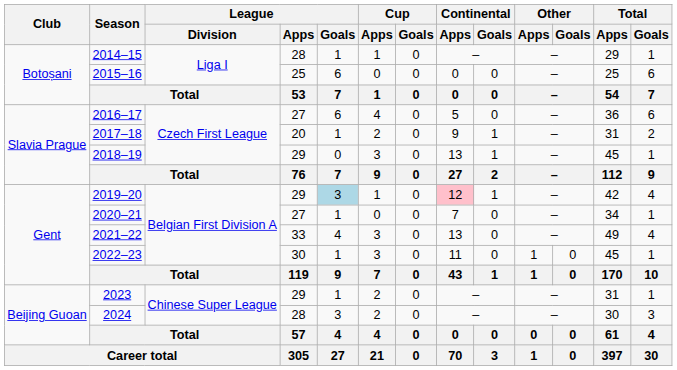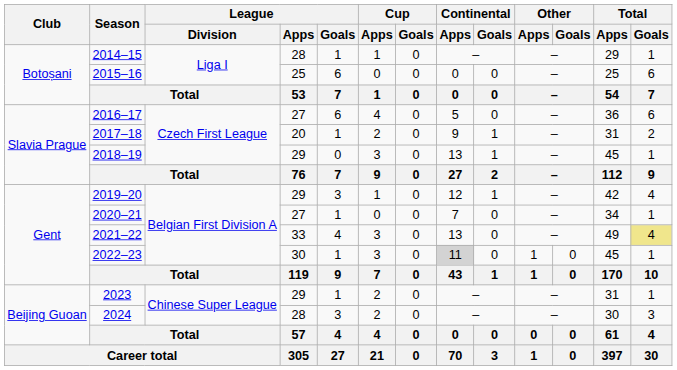 <table class="wikitable" style="text-align:center">
 <tr>
 <th rowspan="2">Club</th>
 <th rowspan="2">Season</th>
 <th colspan="3">League</th>
 <th colspan="2">Cup</th>
 <th colspan="2">Continental</th>
 <th colspan="2">Other</th>
 <th colspan="2">Total</th>
 </tr>
 <tr>
 <th>Division</th>
 <th>Apps</th>
 <th>Goals</th>
 <th>Apps</th>
 <th>Goals</th>
 <th>Apps</th>
 <th>Goals</th>
 <th>Apps</th>
 <th>Goals</th>
 <th>Apps</th>
 <th>Goals</th>
 </tr>
 <tr>
 <td rowspan="3"><a href='#'>Botoșani</a></td>
 <td><a href='#'>2014–15</a></td>
 <td rowspan="2"><a href='#'>Liga I</a></td>
 <td>28</td>
 <td>1</td>
 <td>1</td>
 <td>0</td>
 <td colspan="2">–</td>
 <td colspan="2">–</td>
 <td>29</td>
 <td>1</td>
 </tr>
 <tr>
 <td><a href='#'>2015–16</a></td>
 <td>25</td>
 <td>6</td>
 <td>0</td>
 <td>0</td>
 <td>0</td>
 <td>0</td>
 <td colspan="2">–</td>
 <td>25</td>
 <td>6</td>
 </tr>
 <tr>
 <th colspan="2">Total</th>
 <th>53</th>
 <th>7</th>
 <th>1</th>
 <th>0</th>
 <th>0</th>
 <th>0</th>
 <th colspan="2">–</th>
 <th>54</th>
 <th>7</th>
 </tr>
 <tr>
 <td rowspan="4"><a href='#'>Slavia Prague</a></td>
 <td><a href='#'>2016–17</a></td>
 <td rowspan="3"><a href='#'>Czech First League</a></td>
 <td>27</td>
 <td>6</td>
 <td>4</td>
 <td>0</td>
 <td>5</td>
 <td>0</td>
 <td colspan="2">–</td>
 <td>36</td>
 <td>6</td>
 </tr>
 <tr>
 <td><a href='#'>2017–18</a></td>
 <td>20</td>
 <td>1</td>
 <td>2</td>
 <td>0</td>
 <td>9</td>
 <td>1</td>
 <td colspan="2">–</td>
 <td>31</td>
 <td>2</td>
 </tr>
 <tr>
 <td><a href='#'>2018–19</a></td>
 <td>29</td>
 <td>0</td>
 <td>3</td>
 <td>0</td>
 <td>13</td>
 <td>1</td>
 <td colspan="2">–</td>
 <td>45</td>
 <td>1</td>
 </tr>
 <tr>
 <th colspan="2">Total</th>
 <th>76</th>
 <th>7</th>
 <th>9</th>
 <th>0</th>
 <th>27</th>
 <th>2</th>
 <th colspan="2">–</th>
 <th>112</th>
 <th>9</th>
 </tr>
 <tr>
 <td rowspan="5"><a href='#'>Gent</a></td>
 <td><a href='#'>2019–20</a></td>
 <td rowspan="4"><a href='#'>Belgian First Division A</a></td>
 <td>29</td>
-<td style="background: lightblue;">3</td>
+<td>3</td>
 <td>1</td>
 <td>0</td>
-<td style="background: pink;">12</td>
+<td>12</td>
 <td>1</td>
 <td colspan="2">–</td>
 <td>42</td>
 <td>4</td>
 </tr>
 <tr>
 <td><a href='#'>2020–21</a></td>
 <td>27</td>
 <td>1</td>
 <td>0</td>
 <td>0</td>
 <td>7</td>
 <td>0</td>
 <td colspan="2">–</td>
 <td>34</td>
 <td>1</td>
 </tr>
 <tr>
 <td><a href='#'>2021–22</a></td>
 <td>33</td>
 <td>4</td>
 <td>3</td>
 <td>0</td>
 <td>13</td>
 <td>0</td>
 <td colspan="2">–</td>
 <td>49</td>
-<td>4</td>
+<td style="background: khaki;">4</td>
 </tr>
 <tr>
 <td><a href='#'>2022–23</a></td>
 <td>30</td>
 <td>1</td>
 <td>3</td>
 <td>0</td>
-<td>11</td>
+<td style="background: lightgrey;">11</td>
 <td>0</td>
 <td>1</td>
 <td>0</td>
 <td>45</td>
 <td>1</td>
 </tr>
 <tr>
 <th colspan="2">Total</th>
 <th>119</th>
 <th>9</th>
 <th>7</th>
 <th>0</th>
 <th>43</th>
 <th>1</th>
 <th>1</th>
 <th>0</th>
 <th>170</th>
 <th>10</th>
 </tr>
 <tr>
 <td rowspan=3><a href='#'>Beijing Guoan</a></td>
 <td><a href='#'>2023</a></td>
 <td rowspan="2"><a href='#'>Chinese Super League</a></td>
 <td>29</td>
 <td>1</td>
 <td>2</td>
 <td>0</td>
 <td colspan="2">–</td>
 <td colspan="2">–</td>
 <td>31</td>
 <td>1</td>
 </tr>
 <tr>
 <td><a href='#'>2024</a></td>
 <td>28</td>
 <td>3</td>
 <td>2</td>
 <td>0</td>
 <td colspan="2">–</td>
 <td colspan="2">–</td>
 <td>30</td>
 <td>3</td>
 </tr>
 <tr>
 <th colspan=2>Total</th>
 <th>57</th>
 <th>4</th>
 <th>4</th>
 <th>0</th>
 <th>0</th>
 <th>0</th>
 <th>0</th>
 <th>0</th>
 <th>61</th>
 <th>4</th>
 </tr>
 <tr>
 <th colspan="3">Career total</th>
 <th>305</th>
 <th>27</th>
 <th>21</th>
 <th>0</th>
 <th>70</th>
 <th>3</th>
 <th>1</th>
 <th>0</th>
 <th>397</th>
 <th>30</th>
 </tr>
 </table>
